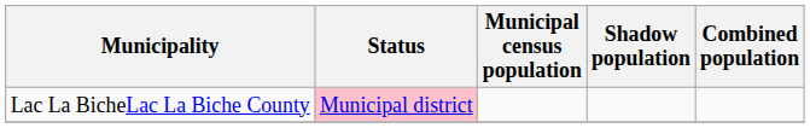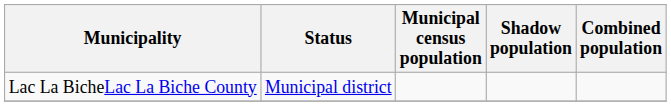 <table class="wikitable">
 <tr>
 <th>Municipality</th>
 <th>Status</th>
 <th>Municipal<br>census<br>population</th>
 <th>Shadow<br>population</th>
 <th>Combined<br>population</th>
 </tr>
 <tr>
 <td><span>Lac La Biche</span><a href='#'>Lac La Biche County</a></td>
-<td align=center style="background: pink;"><a href='#'>Municipal district</a></td>
+<td align=center><a href='#'>Municipal district</a></td>
 <td align=center></td>
 <td align=center></td>
 <td align=center></td>
 </tr>
 <tr>
 </tr>
 </table>
